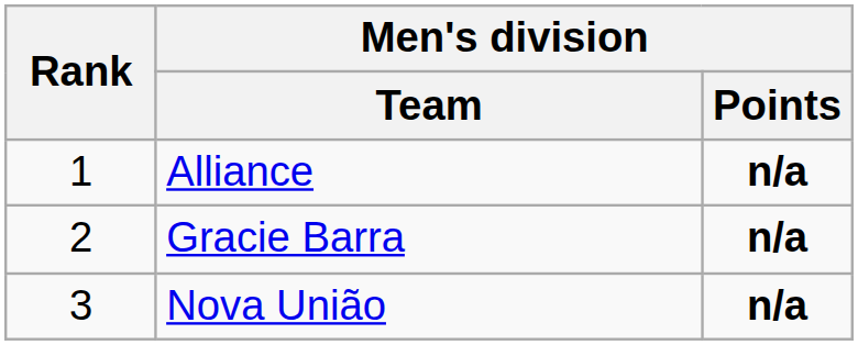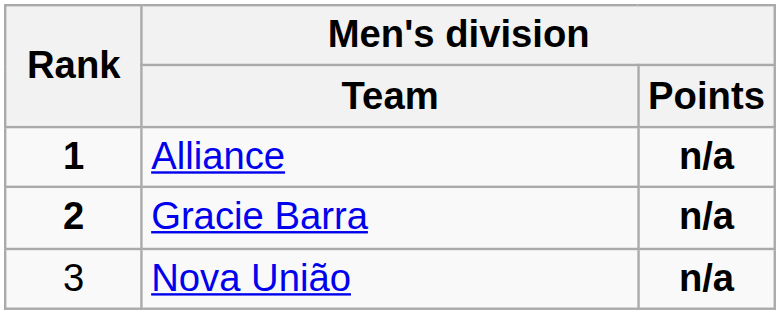 <table class="wikitable" style="text-align:center;">
 <tr>
 <th rowspan="2" width="50">Rank</th>
 <th colspan="2">Men's division</th>
 </tr>
 <tr>
 <th width="200">Team</th>
 <th width="50">Points</th>
 </tr>
 <tr>
-<td>1</td>
+<td><strong>1</strong></td>
 <td style=text-align:left><a href='#'>Alliance</a></td>
 <td><strong>n/a</strong></td>
 </tr>
 <tr>
-<td>2</td>
+<td><strong>2</strong></td>
 <td style=text-align:left><a href='#'>Gracie Barra</a></td>
 <td><strong>n/a</strong></td>
 </tr>
 <tr>
 <td>3</td>
 <td style=text-align:left><a href='#'>Nova União</a></td>
 <td><strong>n/a</strong></td>
 </tr>
 </table>
